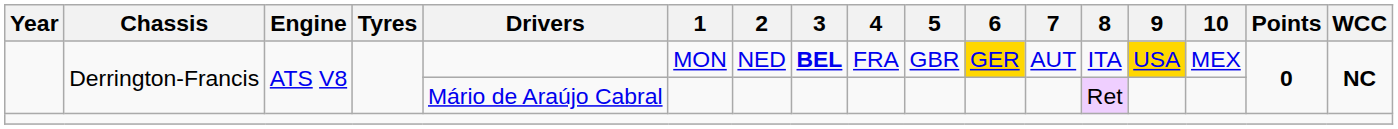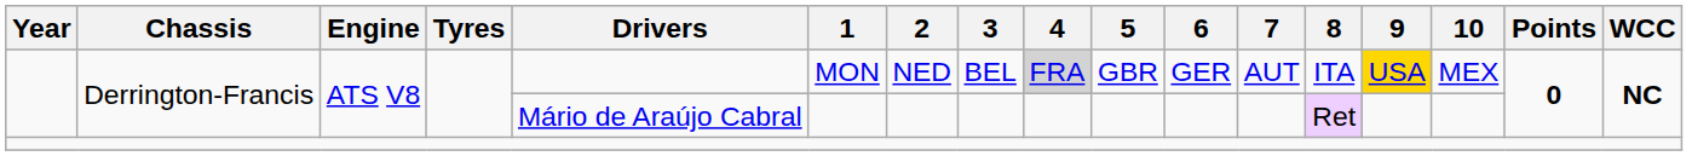 <table class="wikitable" style="text-align:center; font-size:95%">
 <tr>
 <th>Year</th>
 <th>Chassis</th>
 <th>Engine</th>
 <th>Tyres</th>
 <th>Drivers</th>
 <th>1</th>
 <th>2</th>
 <th>3</th>
 <th>4</th>
 <th>5</th>
 <th>6</th>
 <th>7</th>
 <th>8</th>
 <th>9</th>
 <th>10</th>
 <th>Points</th>
 <th>WCC</th>
 </tr>
 <tr>
 <td rowspan="2"></td>
 <td rowspan="2">Derrington-Francis</td>
 <td rowspan="2"><a href='#'>ATS</a> <a href='#'>V8</a></td>
 <td rowspan="2"></td>
 <td></td>
 <td><a href='#'>MON</a></td>
 <td><a href='#'>NED</a></td>
-<td><strong><a href='#'>BEL</a></strong></td>
-<td><a href='#'>FRA</a></td>
+<td><a href='#'>BEL</a></td>
+<td style="background: lightgrey;"><a href='#'>FRA</a></td>
 <td><a href='#'>GBR</a></td>
-<td style="background: gold;"><a href='#'>GER</a></td>
+<td><a href='#'>GER</a></td>
 <td><a href='#'>AUT</a></td>
 <td><a href='#'>ITA</a></td>
 <td style="background: gold;"><a href='#'>USA</a></td>
 <td><a href='#'>MEX</a></td>
 <td rowspan="2"><strong>0</strong></td>
 <td rowspan="2"><strong>NC</strong></td>
 </tr>
 <tr>
 <td align="left"> <a href='#'>Mário de Araújo Cabral</a></td>
 <td></td>
 <td></td>
 <td></td>
 <td></td>
 <td></td>
 <td></td>
 <td></td>
 <td style="background:#EFCFFF;">Ret</td>
 <td></td>
 <td></td>
 </tr>
 <tr>
 <td colspan="17"></td>
 </tr>
 </table>
